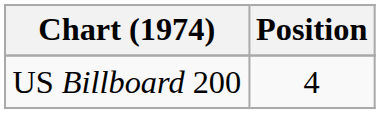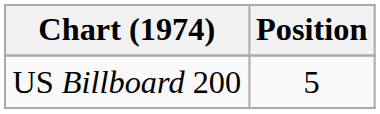 <table class="wikitable">
 <tr>
 <th>Chart (1974)</th>
 <th>Position</th>
 </tr>
 <tr>
 </tr>
 <tr>
 <td>US <em>Billboard</em> 200</td>
-<td style="text-align:center;">4</td>
+<td style="text-align:center;">5</td>
 </tr>
 </table>
